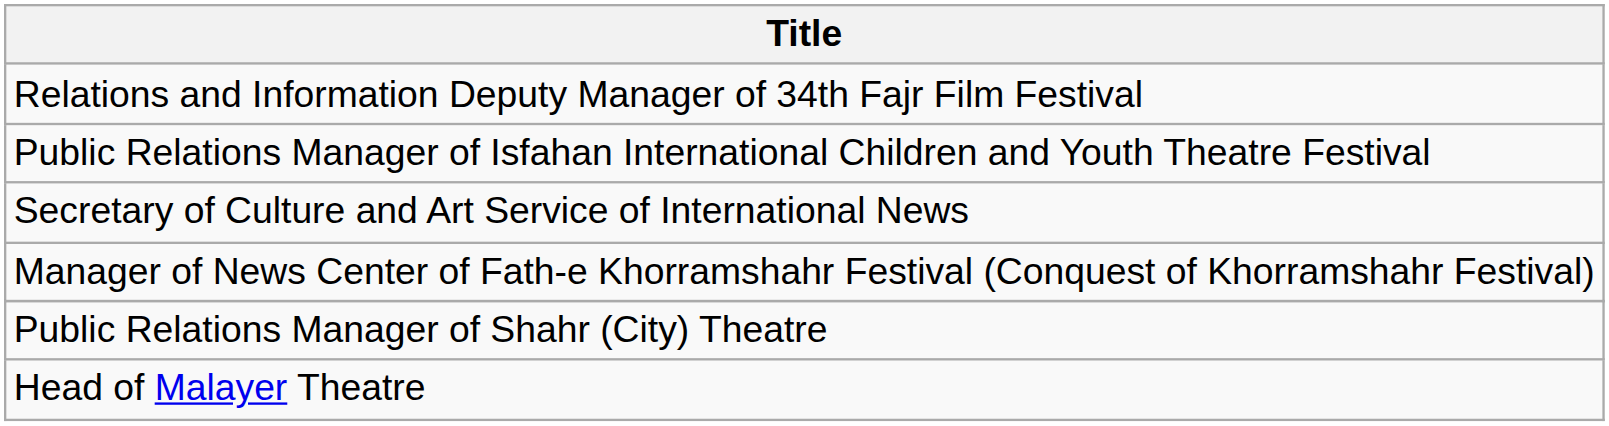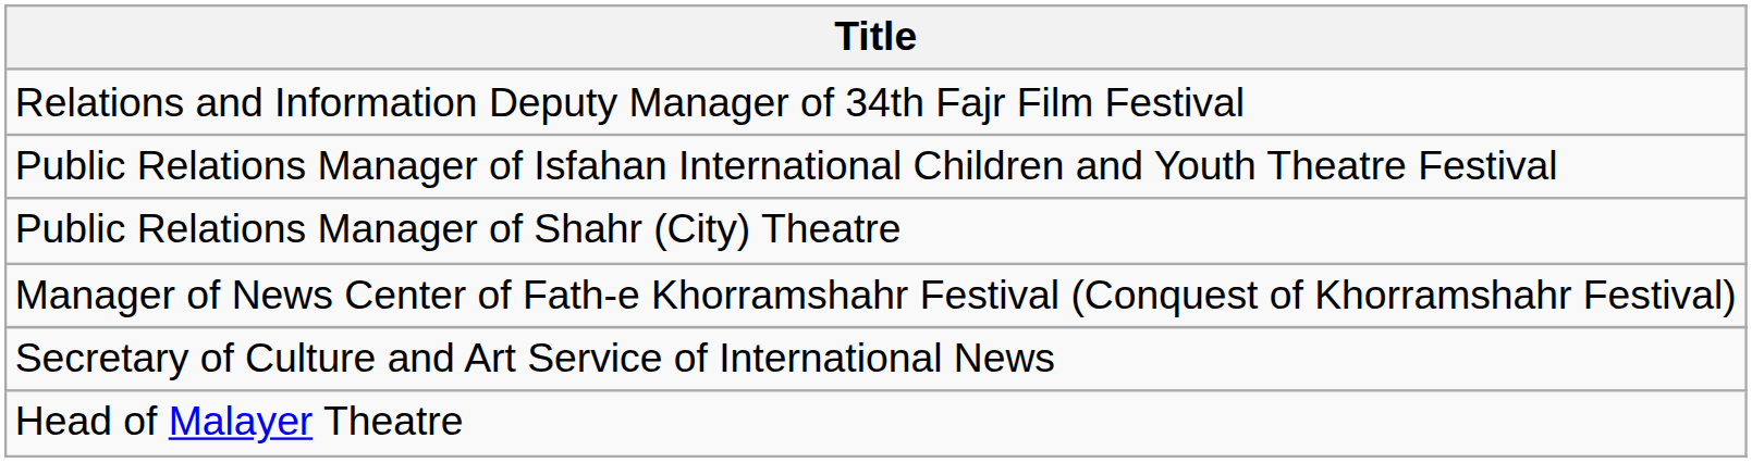 <table class="wikitable sortable">
 <tr>
 <th>Title</th>
 </tr>
 <tr>
 <td>Relations and Information Deputy Manager of 34th Fajr Film Festival</td>
 </tr>
 <tr>
 <td>Public Relations Manager of Isfahan International Children and Youth Theatre Festival</td>
 </tr>
 <tr>
-<td>Secretary of Culture and Art Service of International News</td>
+<td>Public Relations Manager of Shahr (City) Theatre</td>
 </tr>
 <tr>
 <td>Manager of News Center of Fath-e Khorramshahr Festival (Conquest of Khorramshahr Festival)</td>
 </tr>
 <tr Manager of News Center of >
 </tr>
 <tr>
-<td>Public Relations Manager of Shahr (City) Theatre</td>
+<td>Secretary of Culture and Art Service of International News</td>
 </tr>
 <tr>
 <td>Head of <a href='#'>Malayer</a> Theatre</td>
 </tr>
 </table>
